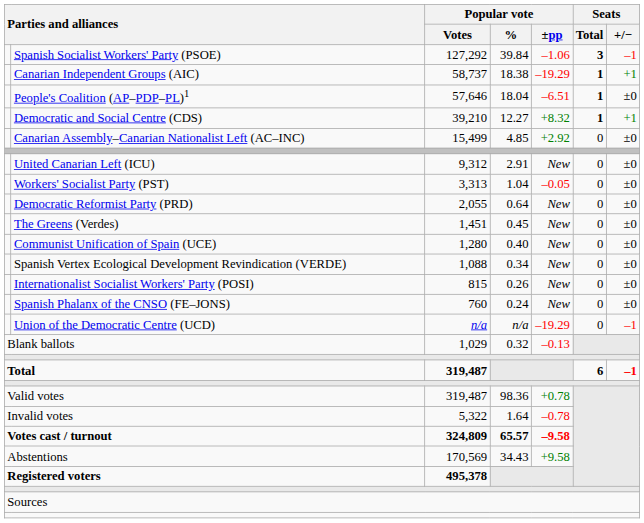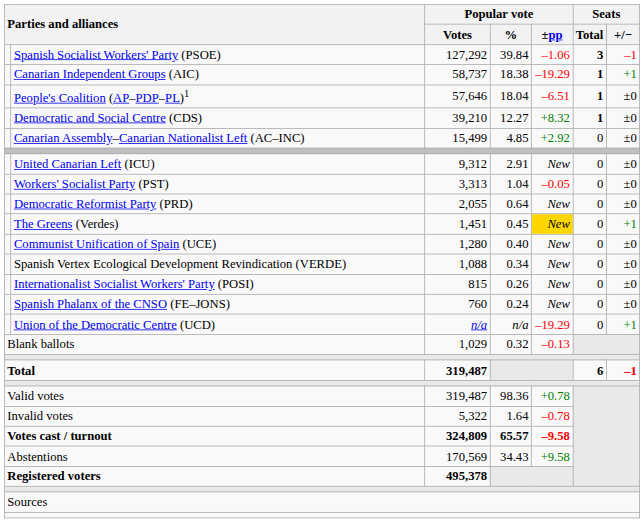 <table class="wikitable" style="text-align:right;">
 <tr>
 <th style="text-align:left;" rowspan="2" colspan="2" width="525">Parties and alliances</th>
 <th colspan="3">Popular vote</th>
 <th colspan="2">Seats</th>
 </tr>
 <tr>
 <th width="75">Votes</th>
 <th width="45">%</th>
 <th width="45">±<a href='#'>pp</a></th>
 <th width="35">Total</th>
 <th width="35">+/−</th>
 </tr>
 <tr>
 <td width="1" style="color:inherit;background:"></td>
 <td align="left"><a href='#'>Spanish Socialist Workers' Party</a> (PSOE)</td>
 <td>127,292</td>
 <td>39.84</td>
 <td style="color:red;">–1.06</td>
 <td><strong>3</strong></td>
 <td style="color:red;">–1</td>
 </tr>
 <tr>
 <td style="color:inherit;background:"></td>
 <td align="left"><a href='#'>Canarian Independent Groups</a> (AIC)</td>
 <td>58,737</td>
 <td>18.38</td>
 <td style="color:red;">–19.29</td>
 <td><strong>1</strong></td>
 <td style="color:green;">+1</td>
 </tr>
 <tr>
 <td style="color:inherit;background:"></td>
 <td align="left"><a href='#'>People's Coalition</a> (<a href='#'>AP</a>–<a href='#'>PDP</a>–<a href='#'>PL</a>)<sup>1</sup></td>
 <td>57,646</td>
 <td>18.04</td>
 <td style="color:red;">–6.51</td>
 <td><strong>1</strong></td>
 <td>±0</td>
 </tr>
 <tr>
 <td style="color:inherit;background:"></td>
 <td align="left"><a href='#'>Democratic and Social Centre</a> (CDS)</td>
 <td>39,210</td>
 <td>12.27</td>
 <td style="color:green;">+8.32</td>
 <td><strong>1</strong></td>
-<td style="color:green;">+1</td>
+<td>±0</td>
 </tr>
 <tr>
 <td style="color:inherit;background:"></td>
 <td align="left"><a href='#'>Canarian Assembly</a>–<a href='#'>Canarian Nationalist Left</a> (AC–INC)</td>
 <td>15,499</td>
 <td>4.85</td>
 <td style="color:green;">+2.92</td>
 <td>0</td>
 <td>±0</td>
 </tr>
 <tr>
 <td colspan="7" bgcolor="#C0C0C0"></td>
 </tr>
 <tr>
 <td style="color:inherit;background:"></td>
 <td align="left"><a href='#'>United Canarian Left</a> (ICU)</td>
 <td>9,312</td>
 <td>2.91</td>
 <td><em>New</em></td>
 <td>0</td>
 <td>±0</td>
 </tr>
 <tr>
 <td style="color:inherit;background:"></td>
 <td align="left"><a href='#'>Workers' Socialist Party</a> (PST)</td>
 <td>3,313</td>
 <td>1.04</td>
 <td style="color:red;">–0.05</td>
 <td>0</td>
 <td>±0</td>
 </tr>
 <tr>
 <td style="color:inherit;background:"></td>
 <td align="left"><a href='#'>Democratic Reformist Party</a> (PRD)</td>
 <td>2,055</td>
 <td>0.64</td>
 <td><em>New</em></td>
 <td>0</td>
 <td>±0</td>
 </tr>
 <tr>
 <td style="color:inherit;background:"></td>
 <td align="left"><a href='#'>The Greens</a> (Verdes)</td>
 <td>1,451</td>
 <td>0.45</td>
-<td><em>New</em></td>
+<td style="background: gold;"><em>New</em></td>
 <td>0</td>
-<td>±0</td>
+<td style="color:green;">+1</td>
 </tr>
 <tr>
 <td style="color:inherit;background:"></td>
 <td align="left"><a href='#'>Communist Unification of Spain</a> (UCE)</td>
 <td>1,280</td>
 <td>0.40</td>
 <td><em>New</em></td>
 <td>0</td>
 <td>±0</td>
 </tr>
 <tr>
 <td style="color:inherit;background:"></td>
 <td align="left">Spanish Vertex Ecological Development Revindication (VERDE)</td>
 <td>1,088</td>
 <td>0.34</td>
 <td><em>New</em></td>
 <td>0</td>
 <td>±0</td>
 </tr>
 <tr>
 <td style="color:inherit;background:"></td>
 <td align="left"><a href='#'>Internationalist Socialist Workers' Party</a> (POSI)</td>
 <td>815</td>
 <td>0.26</td>
 <td><em>New</em></td>
 <td>0</td>
 <td>±0</td>
 </tr>
 <tr>
 <td style="color:inherit;background:"></td>
 <td align="left"><a href='#'>Spanish Phalanx of the CNSO</a> (FE–JONS)</td>
 <td>760</td>
 <td>0.24</td>
 <td><em>New</em></td>
 <td>0</td>
 <td>±0</td>
 </tr>
 <tr>
 <td style="color:inherit;background:"></td>
 <td align="left"><a href='#'>Union of the Democratic Centre</a> (UCD)</td>
 <td><em><a href='#'>n/a</a></em></td>
 <td><em>n/a</em></td>
 <td style="color:red;">–19.29</td>
 <td>0</td>
-<td style="color:red;">–1</td>
+<td style="color:green;">+1</td>
 </tr>
 <tr>
 <td align="left" colspan="2">Blank ballots</td>
 <td>1,029</td>
 <td>0.32</td>
 <td style="color:red;">–0.13</td>
 <td bgcolor="#E9E9E9" colspan="2"></td>
 </tr>
 <tr>
 <td colspan="7" bgcolor="#E9E9E9"></td>
 </tr>
 <tr style="font-weight:bold;">
 <td align="left" colspan="2">Total</td>
 <td>319,487</td>
 <td bgcolor="#E9E9E9" colspan="2"></td>
 <td>6</td>
 <td style="color:red;">–1</td>
 </tr>
 <tr>
 <td colspan="7" bgcolor="#E9E9E9"></td>
 </tr>
 <tr>
 <td align="left" colspan="2">Valid votes</td>
 <td>319,487</td>
 <td>98.36</td>
 <td style="color:green;">+0.78</td>
 <td bgcolor="#E9E9E9" colspan="2" rowspan="5"></td>
 </tr>
 <tr>
 <td align="left" colspan="2">Invalid votes</td>
 <td>5,322</td>
 <td>1.64</td>
 <td style="color:red;">–0.78</td>
 </tr>
 <tr style="font-weight:bold;">
 <td align="left" colspan="2">Votes cast / turnout</td>
 <td>324,809</td>
 <td>65.57</td>
 <td style="color:red;">–9.58</td>
 </tr>
 <tr>
 <td align="left" colspan="2">Abstentions</td>
 <td>170,569</td>
 <td>34.43</td>
 <td style="color:green;">+9.58</td>
 </tr>
 <tr style="font-weight:bold;">
 <td align="left" colspan="2">Registered voters</td>
 <td>495,378</td>
 <td bgcolor="#E9E9E9" colspan="2"></td>
 </tr>
 <tr>
 <td colspan="7" bgcolor="#E9E9E9"></td>
 </tr>
 <tr>
 <td align="left" colspan="7">Sources</td>
 </tr>
 <tr>
 <td colspan="7" style="text-align:left; max-width:790px;"></td>
 </tr>
 </table>
